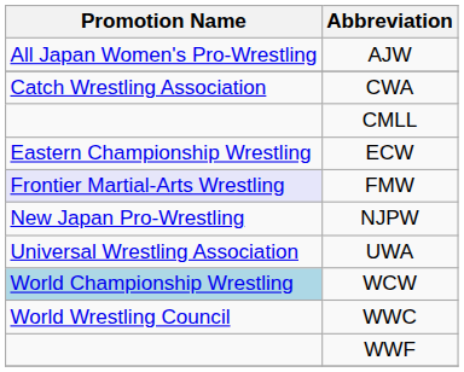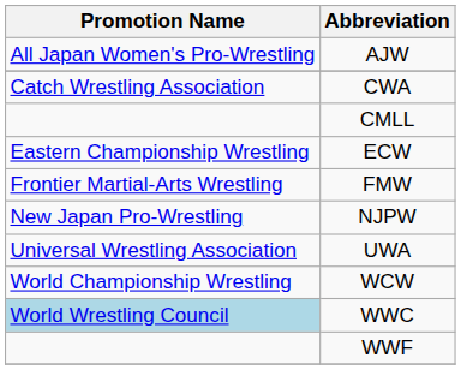 <table class="wikitable">
 <tr>
 <th>Promotion Name</th>
 <th>Abbreviation</th>
 </tr>
 <tr>
 <td><a href='#'>All Japan Women's Pro-Wrestling</a></td>
 <td align=center>AJW</td>
 </tr>
 <tr>
 </tr>
 <tr>
 <td><a href='#'>Catch Wrestling Association</a></td>
 <td align=center>CWA</td>
 </tr>
 <tr>
 <td></td>
 <td align=center>CMLL</td>
 </tr>
 <tr>
 <td><a href='#'>Eastern Championship Wrestling</a></td>
 <td align=center>ECW</td>
 </tr>
 <tr>
-<td style="background: lavender;"><a href='#'>Frontier Martial-Arts Wrestling</a></td>
+<td><a href='#'>Frontier Martial-Arts Wrestling</a></td>
 <td align=center>FMW</td>
 </tr>
 <tr>
 <td><a href='#'>New Japan Pro-Wrestling</a></td>
 <td align=center>NJPW</td>
 </tr>
 <tr>
 <td><a href='#'>Universal Wrestling Association</a></td>
 <td align=center>UWA</td>
 </tr>
 <tr>
-<td style="background: lightblue;"><a href='#'>World Championship Wrestling</a></td>
+<td><a href='#'>World Championship Wrestling</a></td>
 <td align=center>WCW</td>
 </tr>
 <tr>
-<td><a href='#'>World Wrestling Council</a></td>
+<td style="background: lightblue;"><a href='#'>World Wrestling Council</a></td>
 <td align=center>WWC</td>
 </tr>
 <tr>
 <td></td>
 <td align=center>WWF</td>
 </tr>
 <tr>
 </tr>
 </table>
